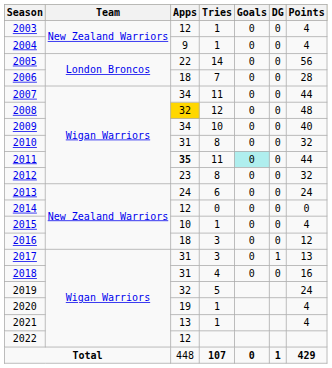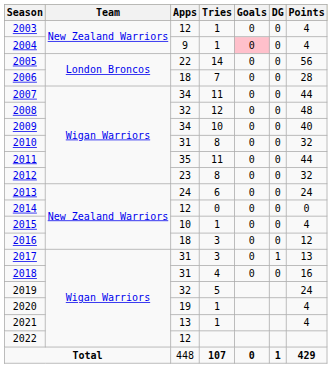 <table class="wikitable" style="text-align:center;">
 <tr style="background:#bdb76b;">
 <th>Season</th>
 <th>Team</th>
 <th>Apps</th>
 <th>Tries</th>
 <th>Goals</th>
 <th>DG</th>
 <th>Points</th>
 </tr>
 <tr>
 <td><a href='#'>2003</a></td>
 <td rowspan="2"><a href='#'>New Zealand Warriors</a></td>
 <td>12</td>
 <td>1</td>
 <td>0</td>
 <td>0</td>
 <td>4</td>
 </tr>
 <tr>
 <td><a href='#'>2004</a></td>
 <td>9</td>
 <td>1</td>
-<td>0</td>
+<td style="background: pink;">0</td>
 <td>0</td>
 <td>4</td>
 </tr>
 <tr>
 <td><a href='#'>2005</a></td>
 <td rowspan="2"><a href='#'>London Broncos</a></td>
 <td>22</td>
 <td>14</td>
 <td>0</td>
 <td>0</td>
 <td>56</td>
 </tr>
 <tr>
 <td><a href='#'>2006</a></td>
 <td>18</td>
 <td>7</td>
 <td>0</td>
 <td>0</td>
 <td>28</td>
 </tr>
 <tr>
 <td><a href='#'>2007</a></td>
 <td rowspan="6"><a href='#'>Wigan Warriors</a></td>
 <td>34</td>
 <td>11</td>
 <td>0</td>
 <td>0</td>
 <td>44</td>
 </tr>
 <tr>
 <td><a href='#'>2008</a></td>
-<td style="background: gold;">32</td>
+<td>32</td>
 <td>12</td>
 <td>0</td>
 <td>0</td>
 <td>48</td>
 </tr>
 <tr>
 <td><a href='#'>2009</a></td>
 <td>34</td>
 <td>10</td>
 <td>0</td>
 <td>0</td>
 <td>40</td>
 </tr>
 <tr>
 <td><a href='#'>2010</a></td>
 <td>31</td>
 <td>8</td>
 <td>0</td>
 <td>0</td>
 <td>32</td>
 </tr>
 <tr>
 <td><a href='#'>2011</a></td>
-<td><strong>35</strong></td>
+<td>35</td>
 <td>11</td>
-<td style="background: paleturquoise;">0</td>
+<td>0</td>
 <td>0</td>
 <td>44</td>
 </tr>
 <tr>
 <td><a href='#'>2012</a></td>
 <td>23</td>
 <td>8</td>
 <td>0</td>
 <td>0</td>
 <td>32</td>
 </tr>
 <tr>
 <td><a href='#'>2013</a></td>
 <td rowspan="4"><a href='#'>New Zealand Warriors</a></td>
 <td>24</td>
 <td>6</td>
 <td>0</td>
 <td>0</td>
 <td>24</td>
 </tr>
 <tr>
 <td><a href='#'>2014</a></td>
 <td>12</td>
 <td>0</td>
 <td>0</td>
 <td>0</td>
 <td>0</td>
 </tr>
 <tr>
 <td><a href='#'>2015</a></td>
 <td>10</td>
 <td>1</td>
 <td>0</td>
 <td>0</td>
 <td>4</td>
 </tr>
 <tr>
 <td><a href='#'>2016</a></td>
 <td>18</td>
 <td>3</td>
 <td>0</td>
 <td>0</td>
 <td>12</td>
 </tr>
 <tr>
 <td><a href='#'>2017</a></td>
 <td rowspan="6"><a href='#'>Wigan Warriors</a></td>
 <td>31</td>
 <td>3</td>
 <td>0</td>
 <td>1</td>
 <td>13</td>
 </tr>
 <tr>
 <td><a href='#'>2018</a></td>
 <td>31</td>
 <td>4</td>
 <td>0</td>
 <td>0</td>
 <td>16</td>
 </tr>
 <tr>
 <td>2019</td>
 <td>32</td>
 <td>5</td>
 <td></td>
 <td></td>
 <td>24</td>
 </tr>
 <tr>
 <td>2020</td>
 <td>19</td>
 <td>1</td>
 <td></td>
 <td></td>
 <td>4</td>
 </tr>
 <tr>
 <td>2021</td>
 <td>13</td>
 <td>1</td>
 <td></td>
 <td></td>
 <td>4</td>
 </tr>
 <tr>
 <td>2022</td>
 <td>12</td>
 <td></td>
 <td></td>
 <td></td>
 <td></td>
 </tr>
 <tr>
 <td colspan="2"><strong>Total</strong></td>
 <td>448</td>
 <td><strong>107</strong></td>
 <td><strong>0</strong></td>
 <td><strong>1</strong></td>
 <td><strong>429</strong></td>
 </tr>
 </table>
